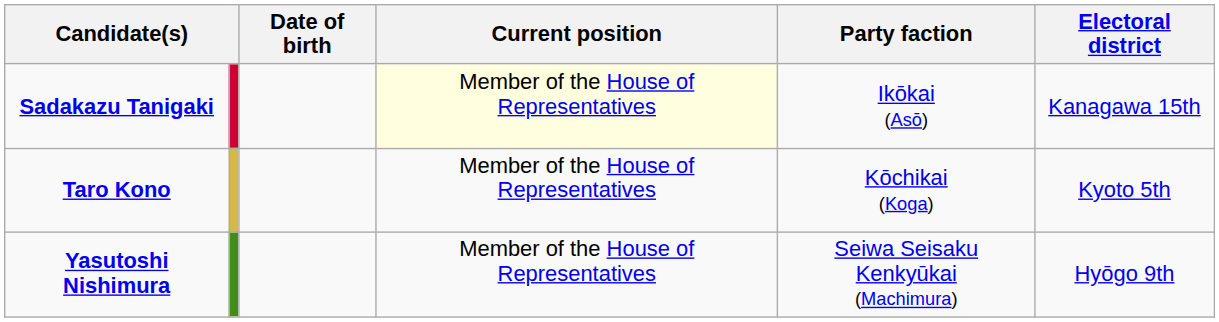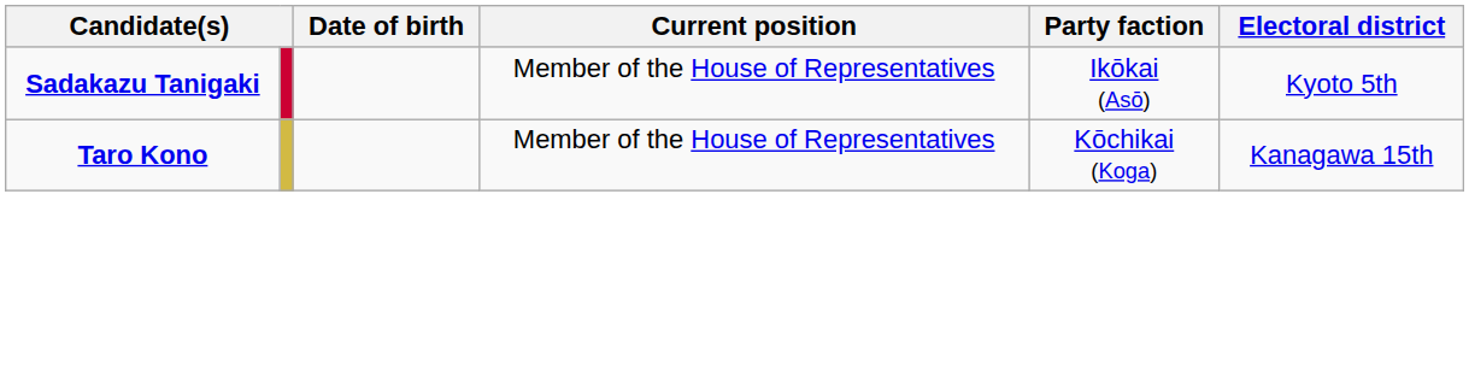 <table class="wikitable sortable" style="text-align:center;width:100%">
 <tr>
 <th colspan="2" style="width:110px;">Candidate(s)</th>
 <th>Date of birth</th>
 <th class="unsortable">Current position</th>
 <th>Party faction</th>
 <th><a href='#'>Electoral district</a></th>
 </tr>
 <tr>
 <td> <strong><a href='#'>Sadakazu Tanigaki</a></strong></td>
 <td style="background:#CC0033"></td>
 <td><br></td>
-<td style="background: lightyellow;">Member of the <a href='#'>House of Representatives</a><br><br></td>
+<td>Member of the <a href='#'>House of Representatives</a><br><br></td>
 <td><a href='#'>Ikōkai</a><br><small> (<a href='#'>Asō</a>) </small></td>
-<td> <a href='#'>Kanagawa 15th</a></td>
+<td> <a href='#'>Kyoto 5th</a></td>
 </tr>
 <tr>
 <td> <strong><a href='#'>Taro Kono</a></strong></td>
 <td style="background:#D2BA43"></td>
 <td><br></td>
 <td>Member of the <a href='#'>House of Representatives</a><br><br></td>
 <td><a href='#'>Kōchikai</a><br><small> (<a href='#'>Koga</a>) </small></td>
-<td> <a href='#'>Kyoto 5th</a></td>
-</tr>
-<tr>
-<td> <strong><a href='#'>Yasutoshi Nishimura</a></strong></td>
-<td style="background:#438C15"></td>
-<td><br></td>
-<td>Member of the <a href='#'>House of Representatives</a><br><br></td>
-<td><a href='#'>Seiwa Seisaku Kenkyūkai</a><br><small> (<a href='#'>Machimura</a>) </small></td>
-<td> <a href='#'>Hyōgo 9th</a></td>
+<td> <a href='#'>Kanagawa 15th</a></td>
 </tr>
 </table>
